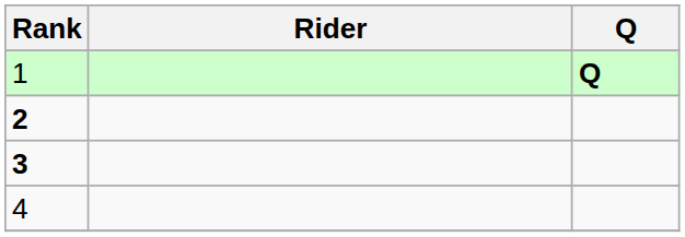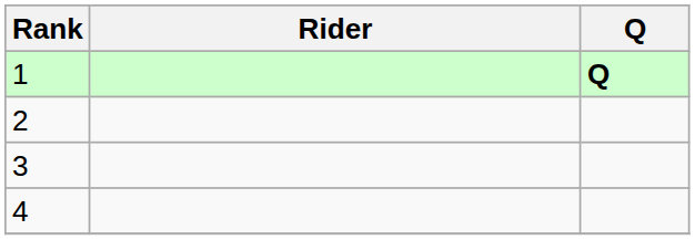 <table class="wikitable" style="font-size:95%" style="text-align:center">
 <tr>
 <th>Rank</th>
 <th width=250>Rider</th>
 <th width=50>Q</th>
 </tr>
 <tr bgcolor=ccffcc>
 <td>1</td>
 <td align=left></td>
 <td><strong>Q</strong></td>
 </tr>
 <tr>
-<td><strong>2</strong></td>
+<td>2</td>
 <td align=left></td>
 <td></td>
 </tr>
 <tr>
-<td><strong>3</strong></td>
+<td>3</td>
 <td align=left></td>
 <td></td>
 </tr>
 <tr>
 <td>4</td>
 <td align=left></td>
 <td></td>
 </tr>
 <tr>
 </tr>
 </table>
